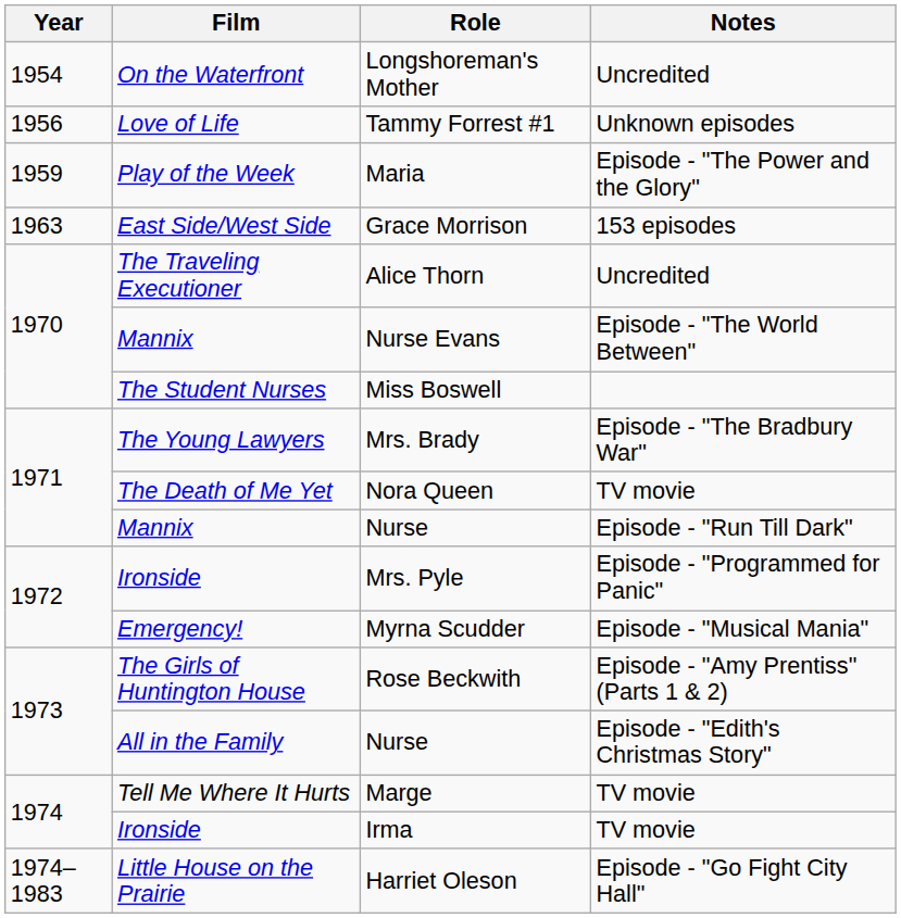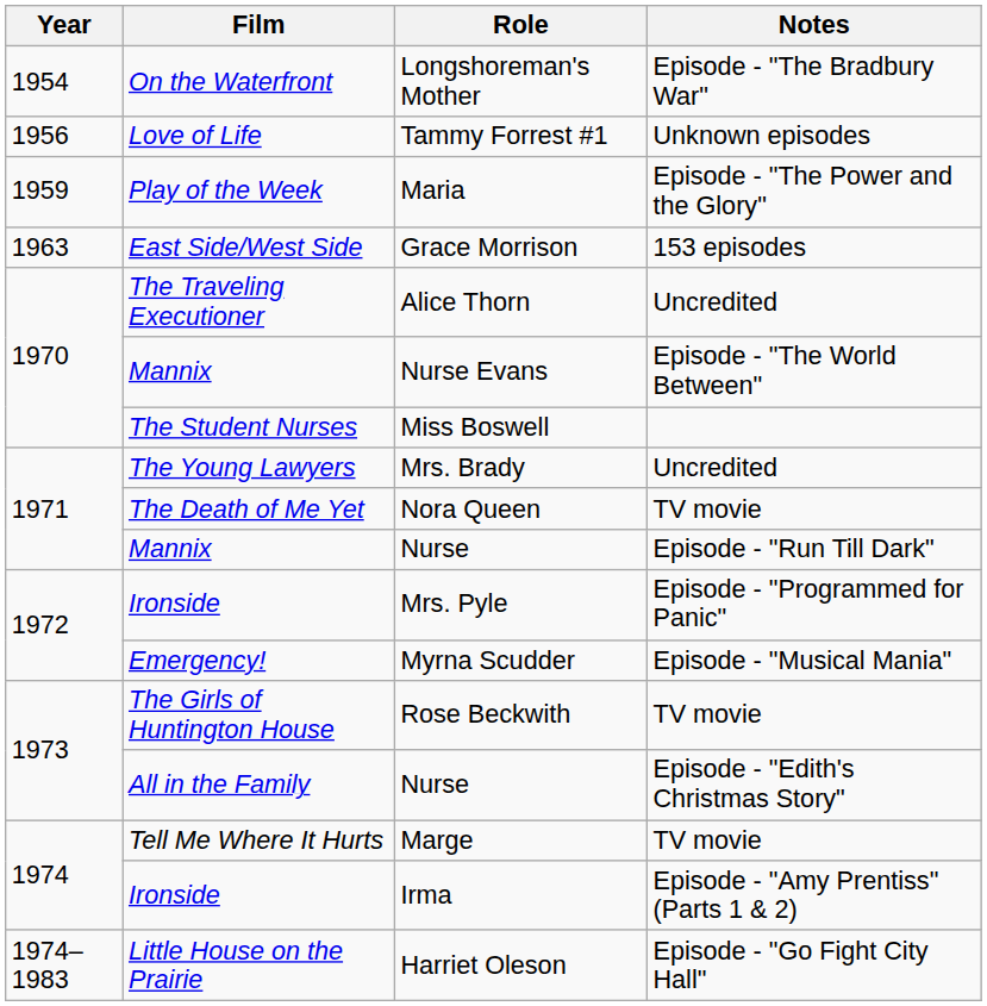 <table class="wikitable sortable">
 <tr>
 <th>Year</th>
 <th>Film</th>
 <th>Role</th>
 <th class="unsortable">Notes</th>
 </tr>
 <tr>
 <td>1954</td>
 <td><em><a href='#'>On the Waterfront</a></em></td>
 <td>Longshoreman's Mother</td>
-<td>Uncredited</td>
+<td>Episode - "The Bradbury War"</td>
 </tr>
 <tr>
 <td>1956</td>
 <td><em><a href='#'>Love of Life</a></em></td>
 <td>Tammy Forrest #1</td>
 <td>Unknown episodes</td>
 </tr>
 <tr>
 <td>1959</td>
 <td><em><a href='#'>Play of the Week</a></em></td>
 <td>Maria</td>
 <td>Episode - "The Power and the Glory"</td>
 </tr>
 <tr>
 <td>1963</td>
 <td><em><a href='#'>East Side/West Side</a></em></td>
 <td>Grace Morrison</td>
 <td>153 episodes</td>
 </tr>
 <tr>
 <td rowspan="3">1970</td>
 <td><em><a href='#'>The Traveling Executioner</a></em></td>
 <td>Alice Thorn</td>
 <td>Uncredited</td>
 </tr>
 <tr>
 <td><em><a href='#'>Mannix</a></em></td>
 <td>Nurse Evans</td>
 <td>Episode - "The World Between"</td>
 </tr>
 <tr>
 <td><em><a href='#'>The Student Nurses</a></em></td>
 <td>Miss Boswell</td>
 <td></td>
 </tr>
 <tr>
 <td rowspan="3">1971</td>
 <td><em><a href='#'>The Young Lawyers</a></em></td>
 <td>Mrs. Brady</td>
-<td>Episode - "The Bradbury War"</td>
+<td>Uncredited</td>
 </tr>
 <tr>
 <td><em><a href='#'>The Death of Me Yet</a></em></td>
 <td>Nora Queen</td>
 <td>TV movie</td>
 </tr>
 <tr>
 <td><em><a href='#'>Mannix</a></em></td>
 <td>Nurse</td>
 <td>Episode - "Run Till Dark"</td>
 </tr>
 <tr>
 <td rowspan="2">1972</td>
 <td><em><a href='#'>Ironside</a></em></td>
 <td>Mrs. Pyle</td>
 <td>Episode - "Programmed for Panic"</td>
 </tr>
 <tr>
 <td><em><a href='#'>Emergency!</a></em></td>
 <td>Myrna Scudder</td>
 <td>Episode - "Musical Mania"</td>
 </tr>
 <tr>
 <td rowspan="2">1973</td>
 <td><em><a href='#'>The Girls of Huntington House</a></em></td>
 <td>Rose Beckwith</td>
-<td>Episode - "Amy Prentiss" (Parts 1 & 2)</td>
+<td>TV movie</td>
 </tr>
 <tr>
 <td><em><a href='#'>All in the Family</a></em></td>
 <td>Nurse</td>
 <td>Episode - "Edith's Christmas Story"</td>
 </tr>
 <tr>
 <td rowspan="2">1974</td>
 <td><em>Tell Me Where It Hurts</em></td>
 <td>Marge</td>
 <td>TV movie</td>
 </tr>
 <tr>
 <td><em><a href='#'>Ironside</a></em></td>
 <td>Irma</td>
-<td>TV movie</td>
+<td>Episode - "Amy Prentiss" (Parts 1 & 2)</td>
 </tr>
 <tr>
 <td>1974–1983</td>
 <td><em><a href='#'>Little House on the Prairie</a></em></td>
 <td>Harriet Oleson</td>
 <td>Episode - "Go Fight City Hall"</td>
 </tr>
 </table>
